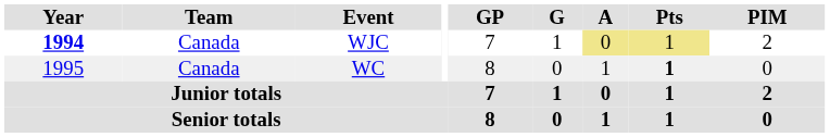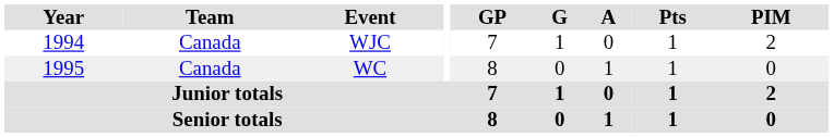 <table border="0" cellpadding="1" cellspacing="0" ID="Table3" style="text-align:center; width:40em">
 <tr bgcolor="#e0e0e0">
 <th>Year</th>
 <th>Team</th>
 <th>Event</th>
 <th rowspan="102" bgcolor="#ffffff"></th>
 <th>GP</th>
 <th>G</th>
 <th>A</th>
 <th>Pts</th>
 <th>PIM</th>
 </tr>
 <tr>
-<td><strong><a href='#'>1994</a></strong></td>
+<td><a href='#'>1994</a></td>
 <td><a href='#'>Canada</a></td>
 <td><a href='#'>WJC</a></td>
 <td>7</td>
 <td>1</td>
-<td style="background: khaki;">0</td>
-<td style="background: khaki;">1</td>
+<td>0</td>
+<td>1</td>
 <td>2</td>
 </tr>
 <tr bgcolor="#f0f0f0">
 <td><a href='#'>1995</a></td>
 <td><a href='#'>Canada</a></td>
 <td><a href='#'>WC</a></td>
 <td>8</td>
 <td>0</td>
 <td>1</td>
-<td><strong>1</strong></td>
+<td>1</td>
 <td>0</td>
 </tr>
 <tr bgcolor="#e0e0e0">
 <th colspan="4">Junior totals</th>
 <th>7</th>
 <th>1</th>
 <th>0</th>
 <th>1</th>
 <th>2</th>
 </tr>
 <tr bgcolor="#e0e0e0">
 <th colspan="4">Senior totals</th>
 <th>8</th>
 <th>0</th>
 <th>1</th>
 <th>1</th>
 <th>0</th>
 </tr>
 </table>
